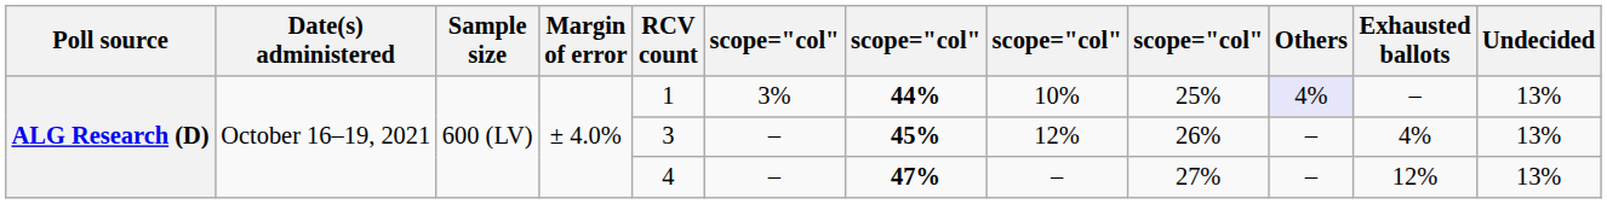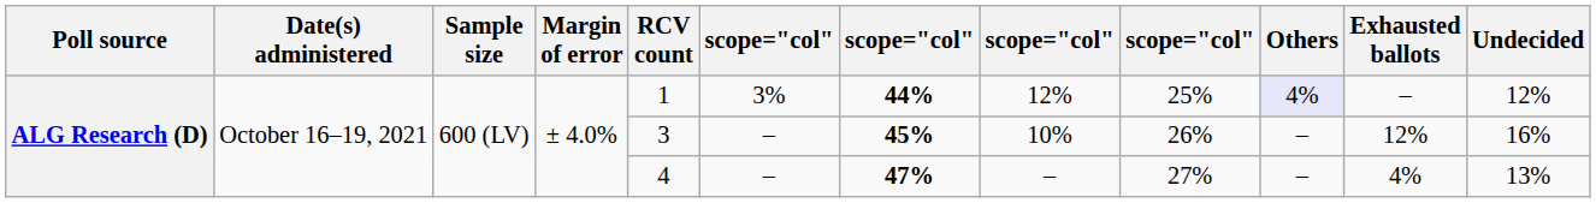 <table class="wikitable plainrowheaders" style="text-align:center; font-size:90%;">
 <tr>
 <th scope="col">Poll source</th>
 <th scope="col">Date(s)<br>administered</th>
 <th scope="col">Sample<br>size</th>
 <th scope="col">Margin<br>of error</th>
 <th scope="col">RCV<br>count</th>
 <th>scope="col" </th>
 <th>scope="col" </th>
 <th>scope="col" </th>
 <th>scope="col" </th>
 <th scope="col">Others</th>
 <th scope="col">Exhausted<br>ballots</th>
 <th scope="col">Undecided</th>
 </tr>
 <tr>
 <th scope="row" rowspan="3"><a href='#'>ALG Research</a> (D)</th>
 <td rowspan="3">October 16–19, 2021</td>
 <td rowspan="3">600 (LV)</td>
 <td rowspan="3">± 4.0%</td>
 <td>1</td>
 <td>3%</td>
 <td><strong>44%</strong></td>
-<td>10%</td>
+<td>12%</td>
 <td>25%</td>
 <td style="background: lavender;">4%</td>
 <td>–</td>
-<td>13%</td>
+<td>12%</td>
 </tr>
 <tr>
 <td>3</td>
 <td>–</td>
 <td><strong>45%</strong></td>
-<td>12%</td>
+<td>10%</td>
 <td>26%</td>
 <td>–</td>
-<td>4%</td>
-<td>13%</td>
+<td>12%</td>
+<td>16%</td>
 </tr>
 <tr>
 <td>4</td>
 <td>–</td>
 <td><strong>47%</strong></td>
 <td>–</td>
 <td>27%</td>
 <td>–</td>
-<td>12%</td>
+<td>4%</td>
 <td>13%</td>
 </tr>
 </table>
